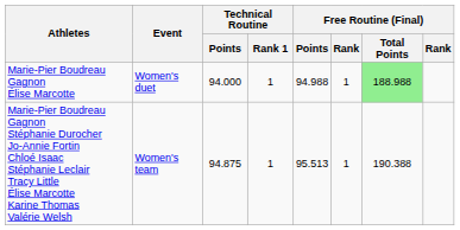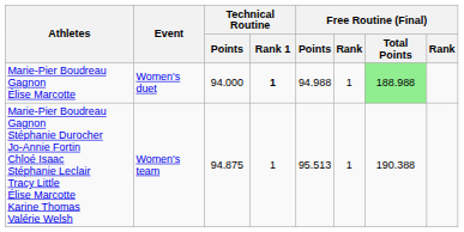 <table class=wikitable style="font-size:90%">
 <tr>
 <th rowspan="2">Athletes</th>
 <th rowspan="2">Event</th>
 <th colspan="2">Technical Routine</th>
 <th colspan="4">Free Routine (Final)</th>
 </tr>
 <tr>
 <th>Points</th>
 <th>Rank 1</th>
 <th>Points</th>
 <th>Rank</th>
 <th>Total Points</th>
 <th>Rank</th>
 </tr>
 <tr>
 <td><a href='#'>Marie-Pier Boudreau Gagnon</a><br><a href='#'>Élise Marcotte</a></td>
 <td><a href='#'>Women's duet</a></td>
 <td align=center>94.000</td>
-<td align=center>1</td>
+<td align=center><strong>1</strong></td>
 <td align=center>94.988</td>
 <td align=center>1</td>
 <td align=center style="background: lightgreen;">188.988</td>
 <td align=center></td>
 </tr>
 <tr>
 <td><a href='#'>Marie-Pier Boudreau Gagnon</a><br><a href='#'>Stéphanie Durocher</a><br><a href='#'>Jo-Annie Fortin</a><br><a href='#'>Chloé Isaac</a><br><a href='#'>Stéphanie Leclair</a><br><a href='#'>Tracy Little</a><br><a href='#'>Élise Marcotte</a><br><a href='#'>Karine Thomas</a><br><a href='#'>Valérie Welsh</a></td>
 <td><a href='#'>Women's team</a></td>
 <td align=center>94.875</td>
 <td align=center>1</td>
 <td align=center>95.513</td>
 <td align=center>1</td>
 <td align=center>190.388</td>
 <td align=center></td>
 </tr>
 </table>
